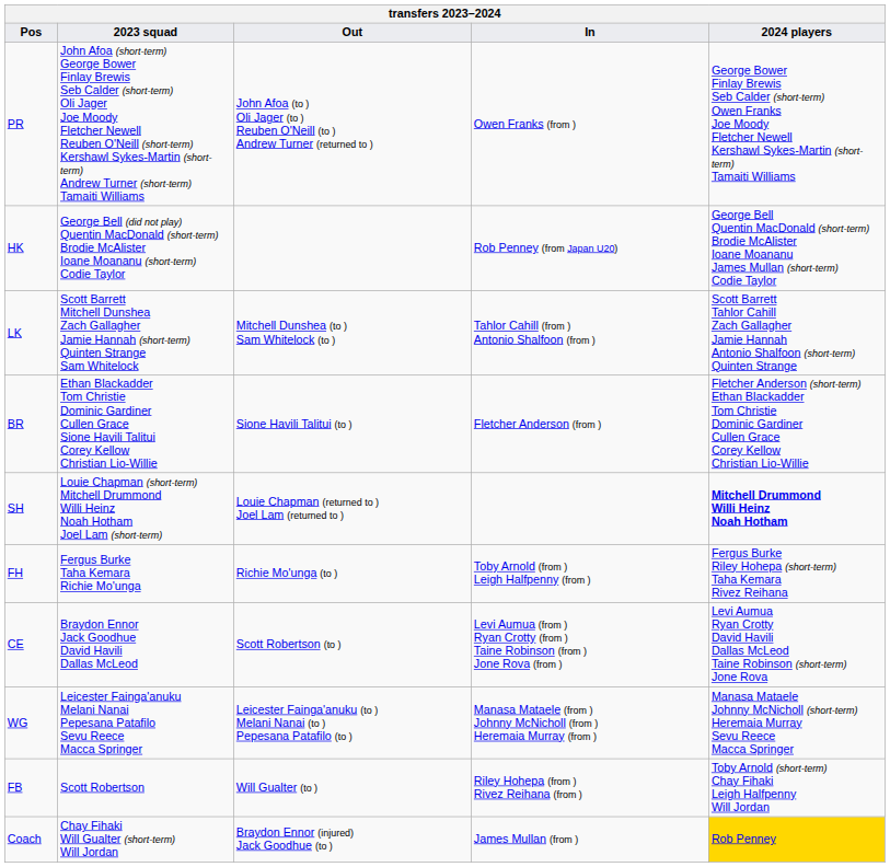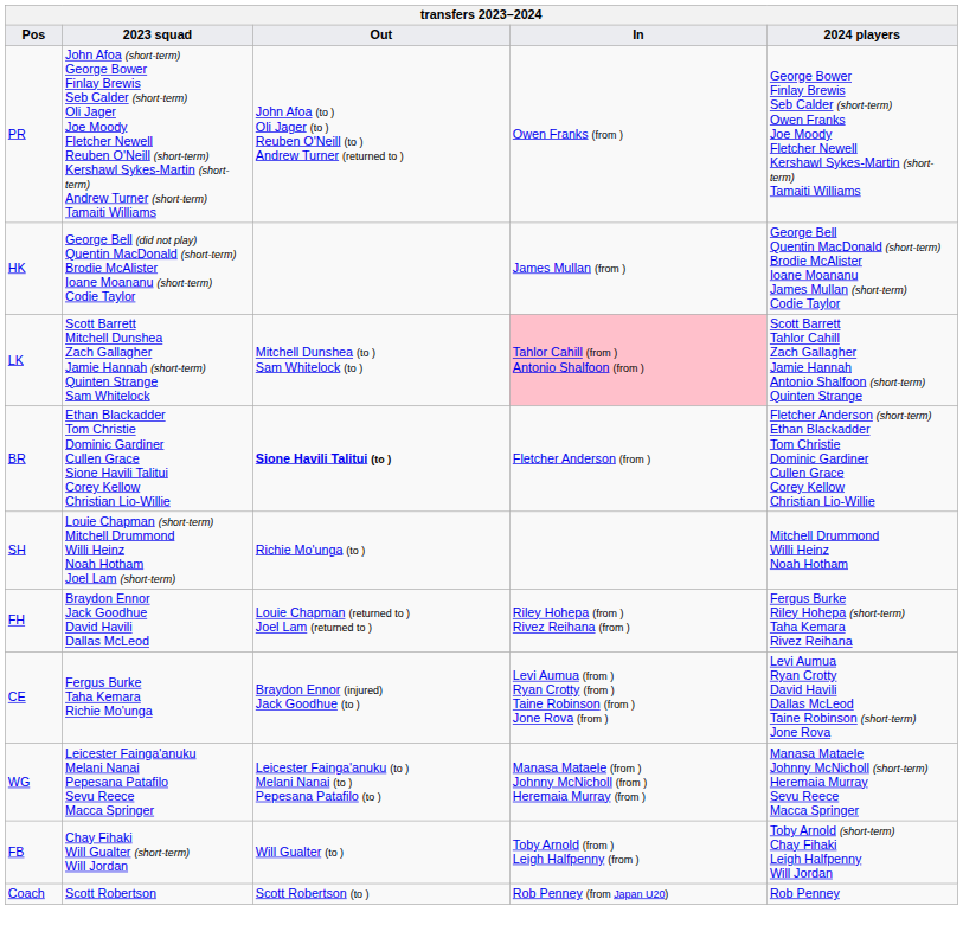 <table class="wikitable" style="text-align: left; width:95%">
 <tr>
 <th colspan="100%"> transfers 2023–2024</th>
 </tr>
 <tr>
 <th style="background:#ebecf0; width:6%;">Pos</th>
 <th style="background:#ebecf0; width:20%;">2023 squad</th>
 <th style="background:#ebecf0; width:27%;">Out</th>
 <th style="background:#ebecf0; width:27%;">In</th>
 <th style="background:#ebecf0; width:20%;">2024 players</th>
 </tr>
 <tr>
 <td><a href='#'>PR</a></td>
 <td> <a href='#'>John Afoa</a> <small><em>(short-term)</em></small> <br> <a href='#'>George Bower</a> <br> <a href='#'>Finlay Brewis</a> <br> <a href='#'>Seb Calder</a> <small><em>(short-term)</em></small> <br> <a href='#'>Oli Jager</a> <br> <a href='#'>Joe Moody</a> <br> <a href='#'>Fletcher Newell</a> <br> <a href='#'>Reuben O'Neill</a> <small><em>(short-term)</em></small> <br> <a href='#'>Kershawl Sykes-Martin</a> <small><em>(short-term)</em></small> <br> <a href='#'>Andrew Turner</a> <small><em>(short-term)</em></small> <br> <a href='#'>Tamaiti Williams</a></td>
 <td>  <a href='#'>John Afoa</a> <small>(to )</small> <br>  <a href='#'>Oli Jager</a> <small>(to )</small> <br>  <a href='#'>Reuben O'Neill</a> <small>(to )</small> <br>  <a href='#'>Andrew Turner</a> <small>(returned to )</small></td>
 <td>  <a href='#'>Owen Franks</a> <small>(from )</small></td>
 <td> <a href='#'>George Bower</a> <br> <a href='#'>Finlay Brewis</a> <br> <a href='#'>Seb Calder</a> <small><em>(short-term)</em></small> <br> <a href='#'>Owen Franks</a> <br> <a href='#'>Joe Moody</a> <br> <a href='#'>Fletcher Newell</a> <br> <a href='#'>Kershawl Sykes-Martin</a> <small><em>(short-term)</em></small> <br> <a href='#'>Tamaiti Williams</a></td>
 </tr>
 <tr>
 <td><a href='#'>HK</a></td>
 <td> <a href='#'>George Bell</a> <small><em>(did not play)</em></small> <br> <a href='#'>Quentin MacDonald</a> <small><em>(short-term)</em></small> <br> <a href='#'>Brodie McAlister</a> <br> <a href='#'>Ioane Moananu</a> <small><em>(short-term)</em></small> <br> <a href='#'>Codie Taylor</a></td>
 <td></td>
-<td>  <a href='#'>Rob Penney</a> <small>(from  <a href='#'>Japan U20</a>)</small></td>
+<td>  <a href='#'>James Mullan</a> <small>(from )</small></td>
 <td> <a href='#'>George Bell</a> <br> <a href='#'>Quentin MacDonald</a> <small><em>(short-term)</em></small> <br> <a href='#'>Brodie McAlister</a> <br> <a href='#'>Ioane Moananu</a> <br> <a href='#'>James Mullan</a> <small><em>(short-term)</em></small> <br> <a href='#'>Codie Taylor</a></td>
 </tr>
 <tr>
 <td><a href='#'>LK</a></td>
 <td> <a href='#'>Scott Barrett</a> <br> <a href='#'>Mitchell Dunshea</a> <br> <a href='#'>Zach Gallagher</a> <br> <a href='#'>Jamie Hannah</a> <small><em>(short-term)</em></small> <br> <a href='#'>Quinten Strange</a> <br> <a href='#'>Sam Whitelock</a></td>
 <td>  <a href='#'>Mitchell Dunshea</a> <small>(to )</small> <br>  <a href='#'>Sam Whitelock</a> <small>(to )</small></td>
-<td>  <a href='#'>Tahlor Cahill</a> <small>(from )</small> <br>  <a href='#'>Antonio Shalfoon</a> <small>(from )</small></td>
+<td style="background: pink;">  <a href='#'>Tahlor Cahill</a> <small>(from )</small> <br>  <a href='#'>Antonio Shalfoon</a> <small>(from )</small></td>
 <td> <a href='#'>Scott Barrett</a> <br> <a href='#'>Tahlor Cahill</a> <br> <a href='#'>Zach Gallagher</a> <br> <a href='#'>Jamie Hannah</a> <br> <a href='#'>Antonio Shalfoon</a> <small><em>(short-term)</em></small> <br> <a href='#'>Quinten Strange</a></td>
 </tr>
 <tr>
 <td><a href='#'>BR</a></td>
 <td> <a href='#'>Ethan Blackadder</a> <br> <a href='#'>Tom Christie</a> <br> <a href='#'>Dominic Gardiner</a> <br> <a href='#'>Cullen Grace</a> <br> <a href='#'>Sione Havili Talitui</a> <br> <a href='#'>Corey Kellow</a> <br> <a href='#'>Christian Lio-Willie</a></td>
-<td>  <a href='#'>Sione Havili Talitui</a> <small>(to )</small></td>
+<td><strong>  <a href='#'>Sione Havili Talitui</a> <small>(to )</small></strong></td>
 <td>  <a href='#'>Fletcher Anderson</a> <small>(from )</small></td>
 <td> <a href='#'>Fletcher Anderson</a> <small><em>(short-term)</em></small> <br> <a href='#'>Ethan Blackadder</a> <br> <a href='#'>Tom Christie</a> <br> <a href='#'>Dominic Gardiner</a> <br> <a href='#'>Cullen Grace</a> <br> <a href='#'>Corey Kellow</a> <br> <a href='#'>Christian Lio-Willie</a></td>
 </tr>
 <tr>
 <td><a href='#'>SH</a></td>
 <td> <a href='#'>Louie Chapman</a> <small><em>(short-term)</em></small> <br> <a href='#'>Mitchell Drummond</a> <br> <a href='#'>Willi Heinz</a> <br> <a href='#'>Noah Hotham</a> <br> <a href='#'>Joel Lam</a> <small><em>(short-term)</em></small></td>
-<td>  <a href='#'>Louie Chapman</a> <small>(returned to )</small> <br>  <a href='#'>Joel Lam</a> <small>(returned to )</small></td>
+<td>  <a href='#'>Richie Mo'unga</a> <small>(to )</small></td>
 <td></td>
-<td><strong> <a href='#'>Mitchell Drummond</a> <br> <a href='#'>Willi Heinz</a> <br>  <a href='#'>Noah Hotham</a></strong></td>
+<td> <a href='#'>Mitchell Drummond</a> <br> <a href='#'>Willi Heinz</a> <br>  <a href='#'>Noah Hotham</a></td>
 </tr>
 <tr>
 <td><a href='#'>FH</a></td>
-<td> <a href='#'>Fergus Burke</a> <br> <a href='#'>Taha Kemara</a> <br> <a href='#'>Richie Mo'unga</a></td>
-<td>  <a href='#'>Richie Mo'unga</a> <small>(to )</small></td>
-<td>  <a href='#'>Toby Arnold</a> <small>(from )</small> <br>  <a href='#'>Leigh Halfpenny</a> <small>(from )</small></td>
+<td> <a href='#'>Braydon Ennor</a> <br> <a href='#'>Jack Goodhue</a> <br> <a href='#'>David Havili</a> <br> <a href='#'>Dallas McLeod</a></td>
+<td>  <a href='#'>Louie Chapman</a> <small>(returned to )</small> <br>  <a href='#'>Joel Lam</a> <small>(returned to )</small></td>
+<td>  <a href='#'>Riley Hohepa</a> <small>(from )</small> <br>  <a href='#'>Rivez Reihana</a> <small>(from )</small></td>
 <td> <a href='#'>Fergus Burke</a> <br> <a href='#'>Riley Hohepa</a> <small><em>(short-term)</em></small> <br> <a href='#'>Taha Kemara</a> <br> <a href='#'>Rivez Reihana</a></td>
 </tr>
 <tr>
 <td><a href='#'>CE</a></td>
-<td> <a href='#'>Braydon Ennor</a> <br> <a href='#'>Jack Goodhue</a> <br> <a href='#'>David Havili</a> <br> <a href='#'>Dallas McLeod</a></td>
-<td>  <a href='#'>Scott Robertson</a> <small>(to )</small></td>
+<td> <a href='#'>Fergus Burke</a> <br> <a href='#'>Taha Kemara</a> <br> <a href='#'>Richie Mo'unga</a></td>
+<td>  <a href='#'>Braydon Ennor</a> <small>(injured)</small> <br>  <a href='#'>Jack Goodhue</a> <small>(to )</small></td>
 <td>  <a href='#'>Levi Aumua</a> <small>(from )</small> <br>   <a href='#'>Ryan Crotty</a> <small>(from )</small> <br>  <a href='#'>Taine Robinson</a> <small>(from )</small> <br>  <a href='#'>Jone Rova</a> <small>(from )</small></td>
 <td> <a href='#'>Levi Aumua</a> <br> <a href='#'>Ryan Crotty</a> <br> <a href='#'>David Havili</a> <br> <a href='#'>Dallas McLeod</a> <br> <a href='#'>Taine Robinson</a> <small><em>(short-term)</em></small> <br> <a href='#'>Jone Rova</a></td>
 </tr>
 <tr>
 <td><a href='#'>WG</a></td>
 <td> <a href='#'>Leicester Fainga'anuku</a> <br> <a href='#'>Melani Nanai</a> <br> <a href='#'>Pepesana Patafilo</a> <br> <a href='#'>Sevu Reece</a> <br> <a href='#'>Macca Springer</a></td>
 <td>  <a href='#'>Leicester Fainga'anuku</a> <small>(to )</small> <br>  <a href='#'>Melani Nanai</a> <small>(to )</small> <br>  <a href='#'>Pepesana Patafilo</a> <small>(to )</small></td>
 <td>  <a href='#'>Manasa Mataele</a> <small>(from )</small> <br>  <a href='#'>Johnny McNicholl</a> <small>(from )</small> <br>  <a href='#'>Heremaia Murray</a> <small>(from )</small></td>
 <td> <a href='#'>Manasa Mataele</a> <br> <a href='#'>Johnny McNicholl</a> <small><em>(short-term)</em></small> <br> <a href='#'>Heremaia Murray</a> <br> <a href='#'>Sevu Reece</a> <br> <a href='#'>Macca Springer</a></td>
 </tr>
 <tr>
 <td><a href='#'>FB</a></td>
-<td> <a href='#'>Scott Robertson</a></td>
+<td> <a href='#'>Chay Fihaki</a> <br> <a href='#'>Will Gualter</a> <small><em>(short-term)</em></small> <br> <a href='#'>Will Jordan</a></td>
 <td>  <a href='#'>Will Gualter</a> <small>(to )</small></td>
-<td>  <a href='#'>Riley Hohepa</a> <small>(from )</small> <br>  <a href='#'>Rivez Reihana</a> <small>(from )</small></td>
+<td>  <a href='#'>Toby Arnold</a> <small>(from )</small> <br>  <a href='#'>Leigh Halfpenny</a> <small>(from )</small></td>
 <td> <a href='#'>Toby Arnold</a> <small><em>(short-term)</em></small> <br> <a href='#'>Chay Fihaki</a> <br> <a href='#'>Leigh Halfpenny</a> <br> <a href='#'>Will Jordan</a></td>
 </tr>
 <tr>
 <td><a href='#'>Coach</a></td>
-<td> <a href='#'>Chay Fihaki</a> <br> <a href='#'>Will Gualter</a> <small><em>(short-term)</em></small> <br> <a href='#'>Will Jordan</a></td>
-<td>  <a href='#'>Braydon Ennor</a> <small>(injured)</small> <br>  <a href='#'>Jack Goodhue</a> <small>(to )</small></td>
-<td>  <a href='#'>James Mullan</a> <small>(from )</small></td>
-<td style="background: gold;"> <a href='#'>Rob Penney</a></td>
+<td> <a href='#'>Scott Robertson</a></td>
+<td>  <a href='#'>Scott Robertson</a> <small>(to )</small></td>
+<td>  <a href='#'>Rob Penney</a> <small>(from  <a href='#'>Japan U20</a>)</small></td>
+<td> <a href='#'>Rob Penney</a></td>
 </tr>
 </table>
